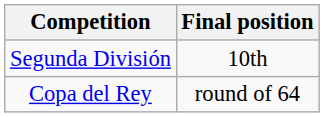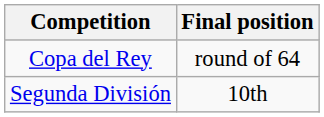 <table class="wikitable" style="font-size:100%; text-align:center">
 <tr>
 <th>Competition</th>
 <th>Final position</th>
 </tr>
 <tr style="background:">
+<td><a href='#'>Copa del Rey</a></td>
+<td>round of 64</td>
+</tr>
+<tr style="background:">
 <td><a href='#'>Segunda División</a></td>
 <td>10th</td>
 </tr>
-<tr style="background:">
-<td><a href='#'>Copa del Rey</a></td>
-<td>round of 64</td>
-</tr>
 </table>
